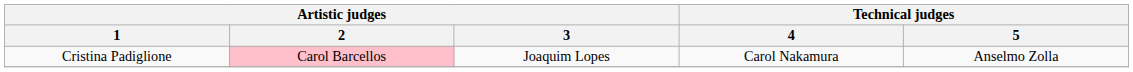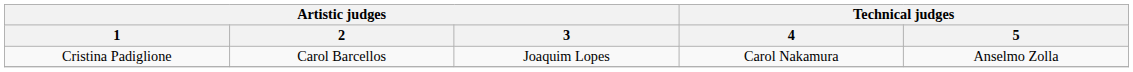 <table class="wikitable" style="font-size:100%; line-height:16px; text-align:center" width="100%">
 <tr>
 <th colspan=3>Artistic judges</th>
 <th colspan=2>Technical judges</th>
 </tr>
 <tr>
 <th width="20.0%">1</th>
 <th width="20.0%">2</th>
 <th width="20.0%">3</th>
 <th width="20.0%">4</th>
 <th width="20.0%">5</th>
 </tr>
 <tr>
 <td>Cristina Padiglione</td>
-<td style="background: pink;">Carol Barcellos</td>
+<td>Carol Barcellos</td>
 <td>Joaquim Lopes</td>
 <td>Carol Nakamura</td>
 <td>Anselmo Zolla</td>
 </tr>
 <tr>
 </tr>
 </table>
